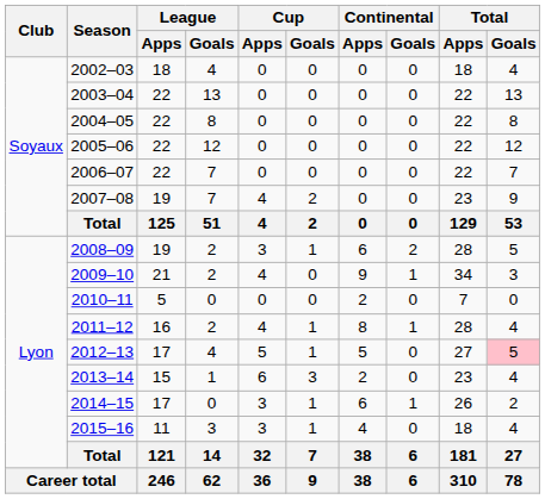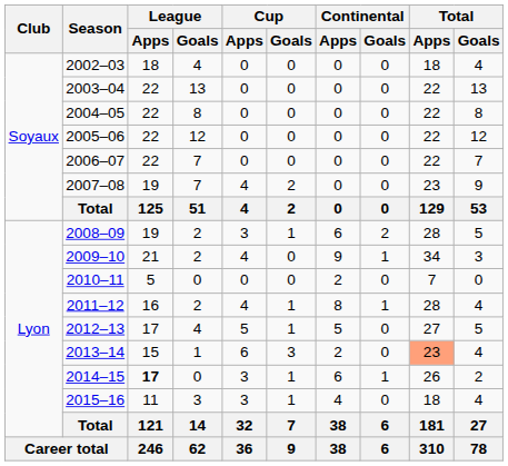 <table class="wikitable" style="text-align: center;">
 <tr>
 <th rowspan="2">Club</th>
 <th rowspan="2">Season</th>
 <th colspan="2">League</th>
 <th colspan="2">Cup</th>
 <th colspan="2">Continental</th>
 <th colspan="2">Total</th>
 </tr>
 <tr>
 <th>Apps</th>
 <th>Goals</th>
 <th>Apps</th>
 <th>Goals</th>
 <th>Apps</th>
 <th>Goals</th>
 <th>Apps</th>
 <th>Goals</th>
 </tr>
 <tr>
 <td rowspan="7" valign="center"><a href='#'>Soyaux</a></td>
 <td>2002–03</td>
 <td>18</td>
 <td>4</td>
 <td>0</td>
 <td>0</td>
 <td>0</td>
 <td>0</td>
 <td>18</td>
 <td>4</td>
 </tr>
 <tr>
 <td>2003–04</td>
 <td>22</td>
 <td>13</td>
 <td>0</td>
 <td>0</td>
 <td>0</td>
 <td>0</td>
 <td>22</td>
 <td>13</td>
 </tr>
 <tr>
 <td>2004–05</td>
 <td>22</td>
 <td>8</td>
 <td>0</td>
 <td>0</td>
 <td>0</td>
 <td>0</td>
 <td>22</td>
 <td>8</td>
 </tr>
 <tr>
 <td>2005–06</td>
 <td>22</td>
 <td>12</td>
 <td>0</td>
 <td>0</td>
 <td>0</td>
 <td>0</td>
 <td>22</td>
 <td>12</td>
 </tr>
 <tr>
 <td>2006–07</td>
 <td>22</td>
 <td>7</td>
 <td>0</td>
 <td>0</td>
 <td>0</td>
 <td>0</td>
 <td>22</td>
 <td>7</td>
 </tr>
 <tr>
 <td>2007–08</td>
 <td>19</td>
 <td>7</td>
 <td>4</td>
 <td>2</td>
 <td>0</td>
 <td>0</td>
 <td>23</td>
 <td>9</td>
 </tr>
 <tr>
 <th>Total</th>
 <th>125</th>
 <th>51</th>
 <th>4</th>
 <th>2</th>
 <th>0</th>
 <th>0</th>
 <th>129</th>
 <th>53</th>
 </tr>
 <tr>
 <td rowspan="9" valign="center"><a href='#'>Lyon</a></td>
 <td><a href='#'>2008–09</a></td>
 <td>19</td>
 <td>2</td>
 <td>3</td>
 <td>1</td>
 <td>6</td>
 <td>2</td>
 <td>28</td>
 <td>5</td>
 </tr>
 <tr>
 <td><a href='#'>2009–10</a></td>
 <td>21</td>
 <td>2</td>
 <td>4</td>
 <td>0</td>
 <td>9</td>
 <td>1</td>
 <td>34</td>
 <td>3</td>
 </tr>
 <tr>
 <td><a href='#'>2010–11</a></td>
 <td>5</td>
 <td>0</td>
 <td>0</td>
 <td>0</td>
 <td>2</td>
 <td>0</td>
 <td>7</td>
 <td>0</td>
 </tr>
 <tr>
 <td><a href='#'>2011–12</a></td>
 <td>16</td>
 <td>2</td>
 <td>4</td>
 <td>1</td>
 <td>8</td>
 <td>1</td>
 <td>28</td>
 <td>4</td>
 </tr>
 <tr>
 <td><a href='#'>2012–13</a></td>
 <td>17</td>
 <td>4</td>
 <td>5</td>
 <td>1</td>
 <td>5</td>
 <td>0</td>
 <td>27</td>
-<td style="background: pink;">5</td>
+<td>5</td>
 </tr>
 <tr>
 <td><a href='#'>2013–14</a></td>
 <td>15</td>
 <td>1</td>
 <td>6</td>
 <td>3</td>
 <td>2</td>
 <td>0</td>
-<td>23</td>
+<td style="background: lightsalmon;">23</td>
 <td>4</td>
 </tr>
 <tr>
 <td><a href='#'>2014–15</a></td>
-<td>17</td>
+<td><strong>17</strong></td>
 <td>0</td>
 <td>3</td>
 <td>1</td>
 <td>6</td>
 <td>1</td>
 <td>26</td>
 <td>2</td>
 </tr>
 <tr>
 <td><a href='#'>2015–16</a></td>
 <td>11</td>
 <td>3</td>
 <td>3</td>
 <td>1</td>
 <td>4</td>
 <td>0</td>
 <td>18</td>
 <td>4</td>
 </tr>
 <tr>
 <th>Total</th>
 <th>121</th>
 <th>14</th>
 <th>32</th>
 <th>7</th>
 <th>38</th>
 <th>6</th>
 <th>181</th>
 <th>27</th>
 </tr>
 <tr>
 <th colspan="2">Career total</th>
 <th>246</th>
 <th>62</th>
 <th>36</th>
 <th>9</th>
 <th>38</th>
 <th>6</th>
 <th>310</th>
 <th>78</th>
 </tr>
 </table>
